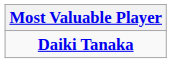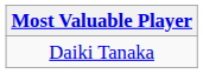 <table class=wikitable style="text-align:center; margin:auto">
 <tr>
 <th><a href='#'>Most Valuable Player</a></th>
 </tr>
 <tr>
-<td><strong> <a href='#'>Daiki Tanaka</a></strong></td>
+<td> <a href='#'>Daiki Tanaka</a></td>
 </tr>
 </table>
